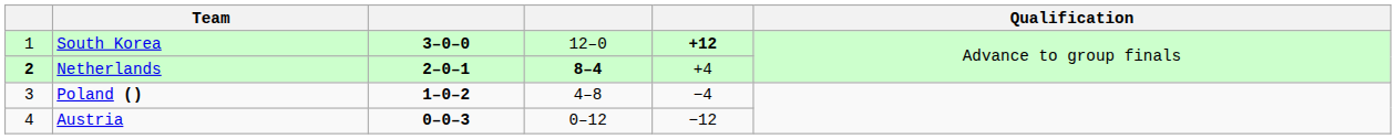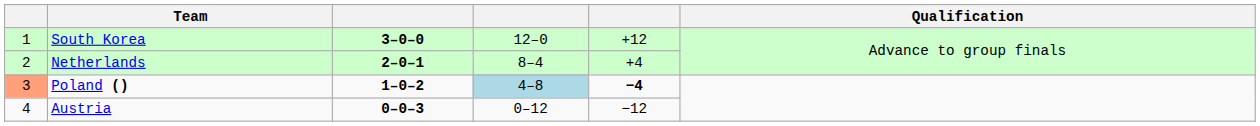 <table class=wikitable style="text-align:center; width:90%">
 <tr>
 <th></th>
 <th>Team</th>
 <th></th>
 <th></th>
 <th></th>
 <th>Qualification</th>
 </tr>
 <tr bgcolor=#ccffcc>
 <td>1</td>
 <td align=left> <a href='#'>South Korea</a></td>
 <td><strong>3–0–0</strong></td>
 <td>12–0</td>
-<td><strong>+12</strong></td>
+<td>+12</td>
 <td rowspan=2>Advance to group finals</td>
 </tr>
 <tr bgcolor=#ccffcc>
-<td><strong>2</strong></td>
+<td>2</td>
 <td align=left> <a href='#'>Netherlands</a></td>
 <td><strong>2–0–1</strong></td>
-<td><strong>8–4</strong></td>
+<td>8–4</td>
 <td>+4</td>
 </tr>
 <tr>
-<td>3</td>
+<td style="background: lightsalmon;">3</td>
 <td align=left> <a href='#'>Poland</a> <strong>()</strong></td>
 <td><strong>1–0–2</strong></td>
-<td>4–8</td>
-<td>−4</td>
+<td style="background: lightblue;">4–8</td>
+<td><strong>−4</strong></td>
 <td rowspan=2></td>
 </tr>
 <tr>
 <td>4</td>
 <td align=left> <a href='#'>Austria</a></td>
 <td><strong>0–0–3</strong></td>
 <td>0–12</td>
 <td>−12</td>
 </tr>
 </table>
